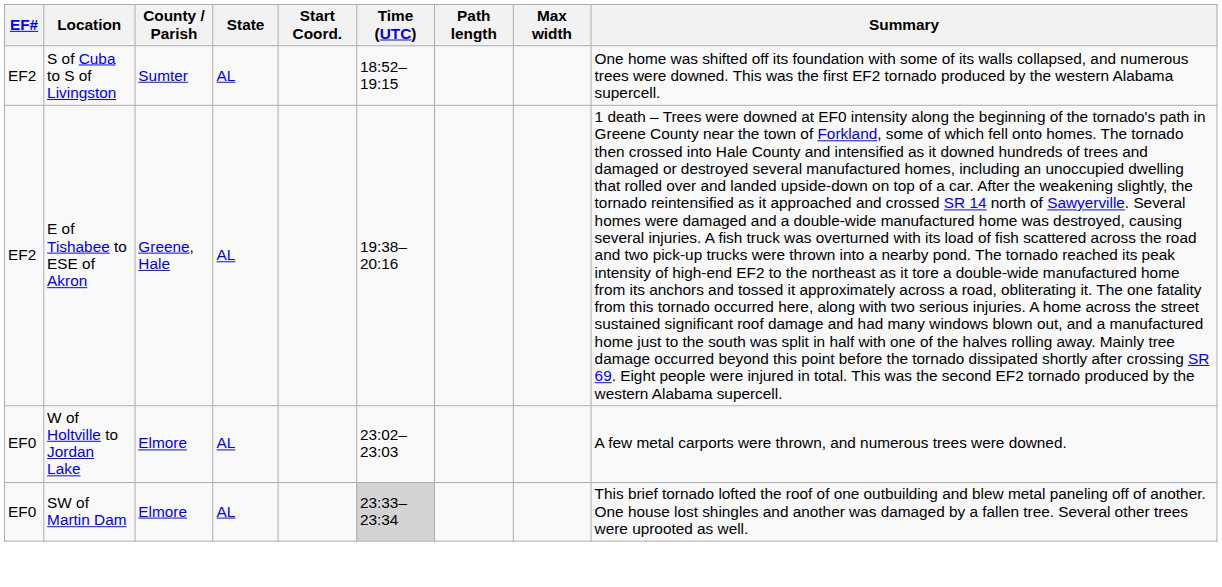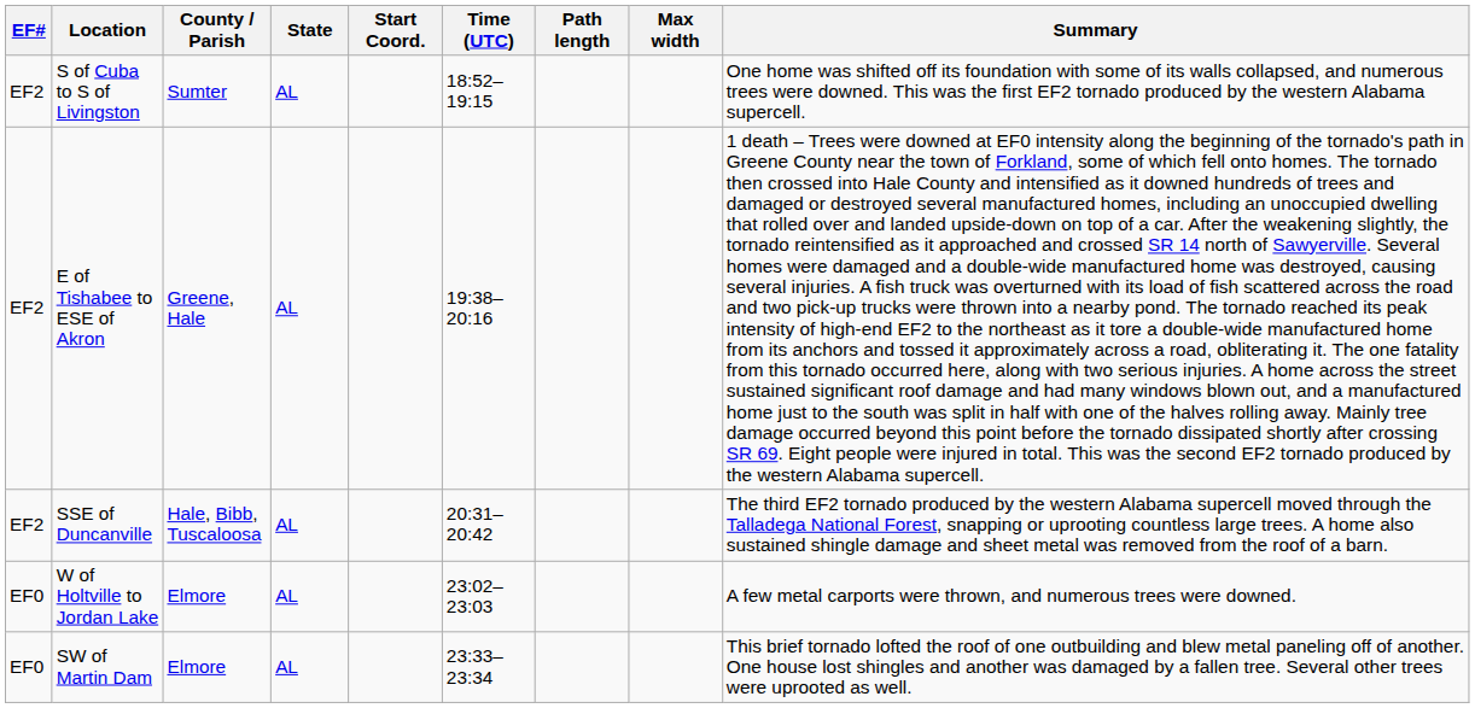 <table class="wikitable sortable" style="width:100%;">
 <tr>
 <th scope="col"  style="width:3%; text-align:center;"><a href='#'>EF#</a></th>
 <th scope="col"  style="width:7%; text-align:center;" class="unsortable">Location</th>
 <th scope="col"  style="width:6%; text-align:center;" class="unsortable">County / Parish</th>
 <th scope="col"  style="width:5%; text-align:center;">State</th>
 <th scope="col"  style="width:6%; text-align:center;">Start Coord.</th>
 <th scope="col"  style="width:6%; text-align:center;">Time (<a href='#'>UTC</a>)</th>
 <th scope="col"  style="width:6%; text-align:center;">Path length</th>
 <th scope="col"  style="width:6%; text-align:center;">Max width</th>
 <th scope="col" class="unsortable" style="width:48%; text-align:center;">Summary</th>
 </tr>
 <tr>
 <td>EF2</td>
 <td>S of <a href='#'>Cuba</a> to S of <a href='#'>Livingston</a></td>
 <td><a href='#'>Sumter</a></td>
 <td><a href='#'>AL</a></td>
 <td></td>
 <td>18:52–19:15</td>
 <td></td>
 <td></td>
 <td>One home was shifted off its foundation with some of its walls collapsed, and numerous trees were downed. This was the first EF2 tornado produced by the western Alabama supercell.</td>
 </tr>
 <tr>
 <td>EF2</td>
 <td>E of <a href='#'>Tishabee</a> to ESE of <a href='#'>Akron</a></td>
 <td><a href='#'>Greene</a>, <a href='#'>Hale</a></td>
 <td><a href='#'>AL</a></td>
 <td></td>
 <td>19:38–20:16</td>
 <td></td>
 <td></td>
 <td>1 death – Trees were downed at EF0 intensity along the beginning of the tornado's path in Greene County near the town of <a href='#'>Forkland</a>, some of which fell onto homes. The tornado then crossed into Hale County and intensified as it downed hundreds of trees and damaged or destroyed several manufactured homes, including an unoccupied dwelling that rolled over and landed upside-down on top of a car. After the weakening slightly, the tornado reintensified as it approached and crossed <a href='#'>SR 14</a> north of <a href='#'>Sawyerville</a>. Several homes were damaged and a double-wide manufactured home was destroyed, causing several injuries. A fish truck was overturned with its load of fish scattered across the road and two pick-up trucks were thrown into a nearby pond. The tornado reached its peak intensity of high-end EF2 to the northeast as it tore a double-wide manufactured home from its anchors and tossed it approximately  across a road, obliterating it. The one fatality from this tornado occurred here, along with two serious injuries. A home across the street sustained significant roof damage and had many windows blown out, and a manufactured home just to the south was split in half with one of the halves rolling away. Mainly tree damage occurred beyond this point before the tornado dissipated shortly after crossing <a href='#'>SR 69</a>. Eight people were injured in total. This was the second EF2 tornado produced by the western Alabama supercell.</td>
 </tr>
 <tr>
+<td>EF2</td>
+<td>SSE of <a href='#'>Duncanville</a></td>
+<td><a href='#'>Hale</a>, <a href='#'>Bibb</a>, <a href='#'>Tuscaloosa</a></td>
+<td><a href='#'>AL</a></td>
+<td></td>
+<td>20:31–20:42</td>
+<td></td>
+<td></td>
+<td>The third EF2 tornado produced by the western Alabama supercell moved through the <a href='#'>Talladega National Forest</a>, snapping or uprooting countless large trees. A home also sustained shingle damage and sheet metal was removed from the roof of a barn.</td>
+</tr>
+<tr>
 <td>EF0</td>
 <td>W of <a href='#'>Holtville</a> to <a href='#'>Jordan Lake</a></td>
 <td><a href='#'>Elmore</a></td>
 <td><a href='#'>AL</a></td>
 <td></td>
 <td>23:02–23:03</td>
 <td></td>
 <td></td>
 <td>A few metal carports were thrown, and numerous trees were downed.</td>
 </tr>
 <tr>
 <td>EF0</td>
 <td>SW of <a href='#'>Martin Dam</a></td>
 <td><a href='#'>Elmore</a></td>
 <td><a href='#'>AL</a></td>
 <td></td>
-<td style="background: lightgrey;">23:33–23:34</td>
+<td>23:33–23:34</td>
 <td></td>
 <td></td>
 <td>This brief tornado lofted the roof of one outbuilding and blew metal paneling off of another. One house lost shingles and another was damaged by a fallen tree. Several other trees were uprooted as well.</td>
 </tr>
 </table>
